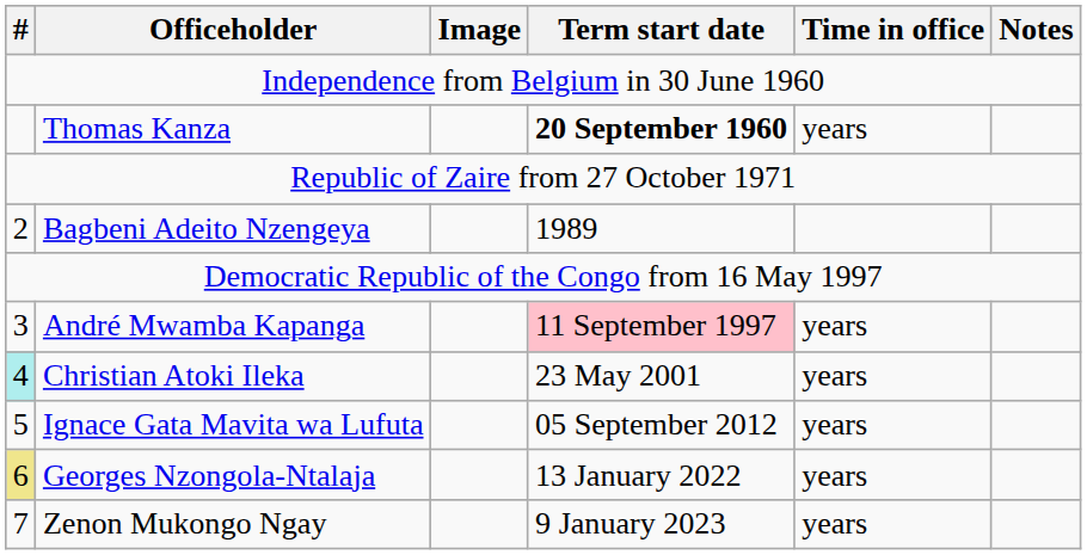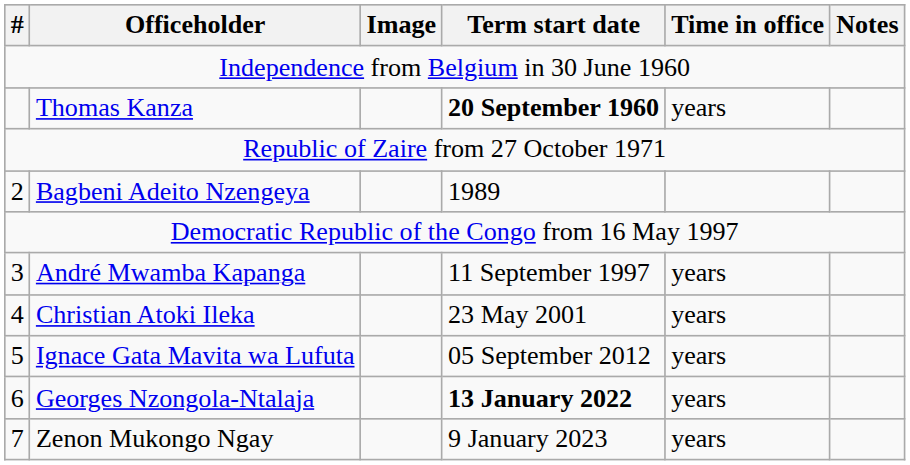 <table class='wikitable sortable'>
 <tr>
 <th>#</th>
 <th>Officeholder</th>
 <th>Image</th>
 <th>Term start date</th>
 <th>Time in office</th>
 <th>Notes</th>
 </tr>
 <tr>
 <td colspan="6" align="center"><a href='#'>Independence</a> from <a href='#'>Belgium</a> in 30 June 1960</td>
 </tr>
 <tr>
 <td align="center"></td>
 <td><a href='#'>Thomas Kanza</a></td>
 <td></td>
 <td><strong>20 September 1960</strong></td>
 <td> years</td>
 <td></td>
 </tr>
 <tr>
 <td colspan="6" align="center"><a href='#'>Republic of Zaire</a> from 27 October 1971</td>
 </tr>
 <tr>
 <td>2</td>
 <td><a href='#'>Bagbeni Adeito Nzengeya</a></td>
 <td></td>
 <td>1989</td>
 <td></td>
 <td></td>
 </tr>
 <tr>
 <td colspan="6" align="center"><a href='#'>Democratic Republic of the Congo</a> from 16 May 1997</td>
 </tr>
 <tr>
 <td align=center>3</td>
 <td><a href='#'>André Mwamba Kapanga</a></td>
 <td></td>
-<td style="background: pink;">11 September 1997</td>
+<td>11 September 1997</td>
 <td> years</td>
 <td></td>
 </tr>
 <tr>
-<td align=center style="background: paleturquoise;">4</td>
+<td align=center>4</td>
 <td><a href='#'>Christian Atoki Ileka</a></td>
 <td></td>
 <td>23 May 2001</td>
 <td> years</td>
 <td></td>
 </tr>
 <tr>
 <td align=center>5</td>
 <td><a href='#'>Ignace Gata Mavita wa Lufuta</a></td>
 <td></td>
 <td>05 September 2012</td>
 <td> years</td>
 <td><br></td>
 </tr>
 <tr>
-<td align=center style="background: khaki;">6</td>
+<td align=center>6</td>
 <td><a href='#'>Georges Nzongola-Ntalaja</a></td>
 <td></td>
-<td>13 January 2022</td>
+<td><strong>13 January 2022</strong></td>
 <td> years</td>
 <td></td>
 </tr>
 <tr>
 <td>7</td>
 <td>Zenon Mukongo Ngay</td>
 <td></td>
 <td>9 January 2023</td>
 <td> years</td>
 <td></td>
 </tr>
 </table>
